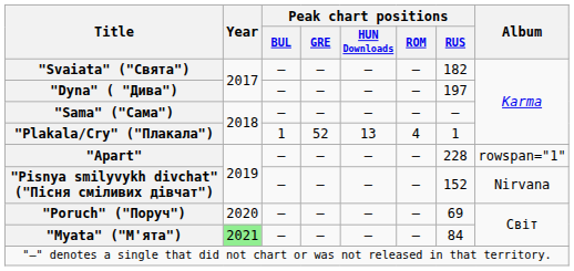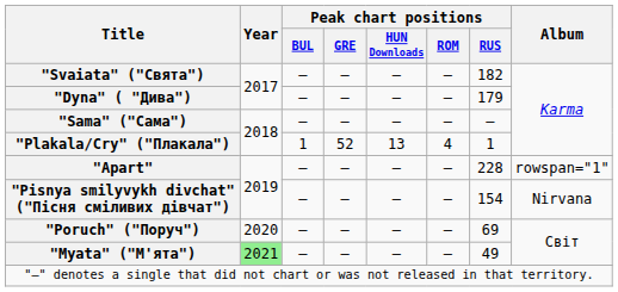 <table class="wikitable plainrowheaders" style="text-align:center;">
 <tr>
 <th scope="col" rowspan="2" style="width:16em;">Title</th>
 <th scope="col" rowspan="2" style="width:1em;">Year</th>
 <th colspan="5" scope="col">Peak chart positions</th>
 <th scope="col" rowspan="2">Album</th>
 </tr>
 <tr>
 <th scope="col" style="width:3em;font-size:85%;"><a href='#'>BUL</a><br></th>
 <th scope="col" style="width:3em;font-size:85%;"><a href='#'>GRE</a><br></th>
 <th scope="col" style="width:3em;font-size:85%;"><a href='#'>HUN<br><small>Downloads</small></a><br></th>
 <th scope="col" style="width:3em;font-size:85%;"><a href='#'>ROM</a><br></th>
 <th scope="col" style="width:3em;font-size:85%;"><a href='#'>RUS</a><br></th>
 </tr>
 <tr>
 <th scope="row">"Svaiata" <span>("Свята")</span></th>
 <td rowspan="2">2017</td>
 <td>—</td>
 <td>—</td>
 <td>—</td>
 <td>—</td>
 <td>182</td>
 <td rowspan="4"><em><a href='#'>Karma</a></em></td>
 </tr>
 <tr>
 <th scope="row">"Dyna" <span>( "Дива")</span></th>
 <td>—</td>
 <td>—</td>
 <td>—</td>
 <td>—</td>
-<td>197</td>
+<td>179</td>
 </tr>
 <tr>
 <th scope="row">"Sama" <span>("Сама")</span></th>
 <td rowspan="2">2018</td>
 <td>—</td>
 <td>—</td>
 <td>—</td>
 <td>—</td>
 <td>—</td>
 </tr>
 <tr>
 <th scope="row">"Plakala/Cry" <span>("Плакала")</span></th>
 <td>1</td>
 <td>52</td>
 <td>13</td>
 <td>4</td>
 <td>1</td>
 </tr>
 <tr>
 <th scope="row">"Apart"</th>
 <td rowspan="2">2019</td>
 <td>—</td>
 <td>—</td>
 <td>—</td>
 <td>—</td>
 <td>228</td>
 <td>rowspan="1" </td>
 </tr>
 <tr>
 <th scope="row">"Pisnya smilyvykh divchat" <span>("Пісня сміливих дівчат")</span></th>
 <td>—</td>
 <td>—</td>
 <td>—</td>
 <td>—</td>
-<td>152</td>
+<td>154</td>
 <td rowspan="1">Nirvana</td>
 </tr>
 <tr>
 <th scope="row">"Poruch" <span>("Поруч")</span></th>
 <td rowspan="1">2020</td>
 <td>—</td>
 <td>—</td>
 <td>—</td>
 <td>—</td>
 <td>69</td>
 <td rowspan="2">Світ</td>
 </tr>
 <tr>
 <th scope="row">"Myata" <span>("М'ята")</span></th>
 <td rowspan="1" style="background: lightgreen;">2021</td>
 <td>—</td>
 <td>—</td>
 <td>—</td>
 <td>—</td>
-<td>84</td>
+<td>49</td>
 </tr>
 <tr>
 <td colspan="19" style="font-size:85%">"—" denotes a single that did not chart or was not released in that territory.</td>
 </tr>
 </table>
